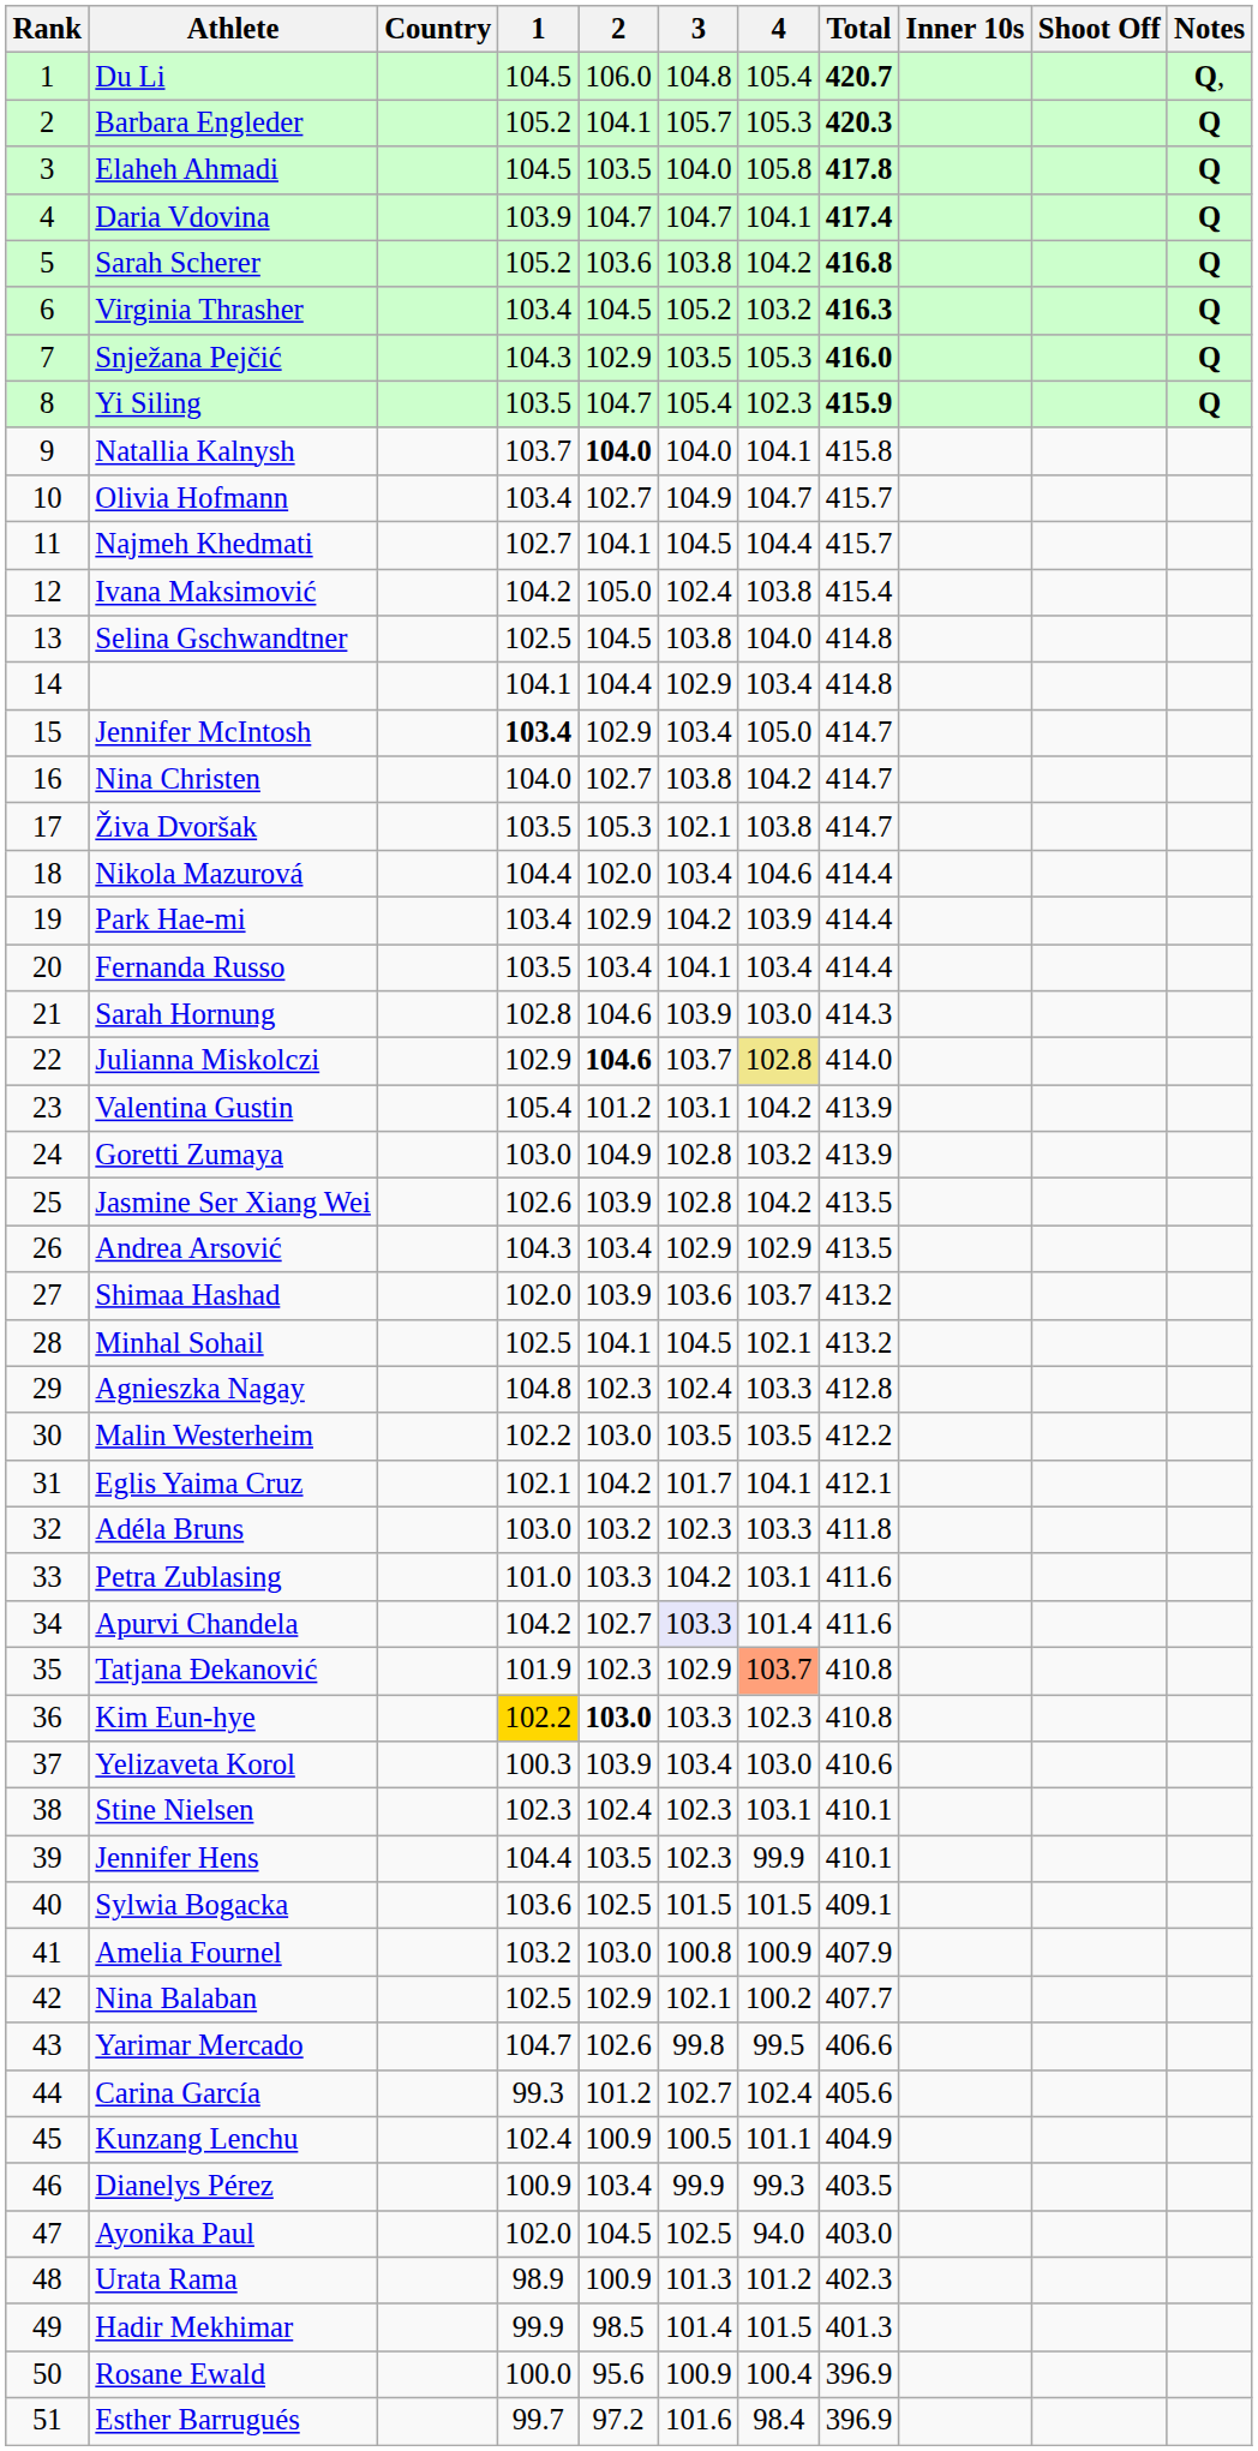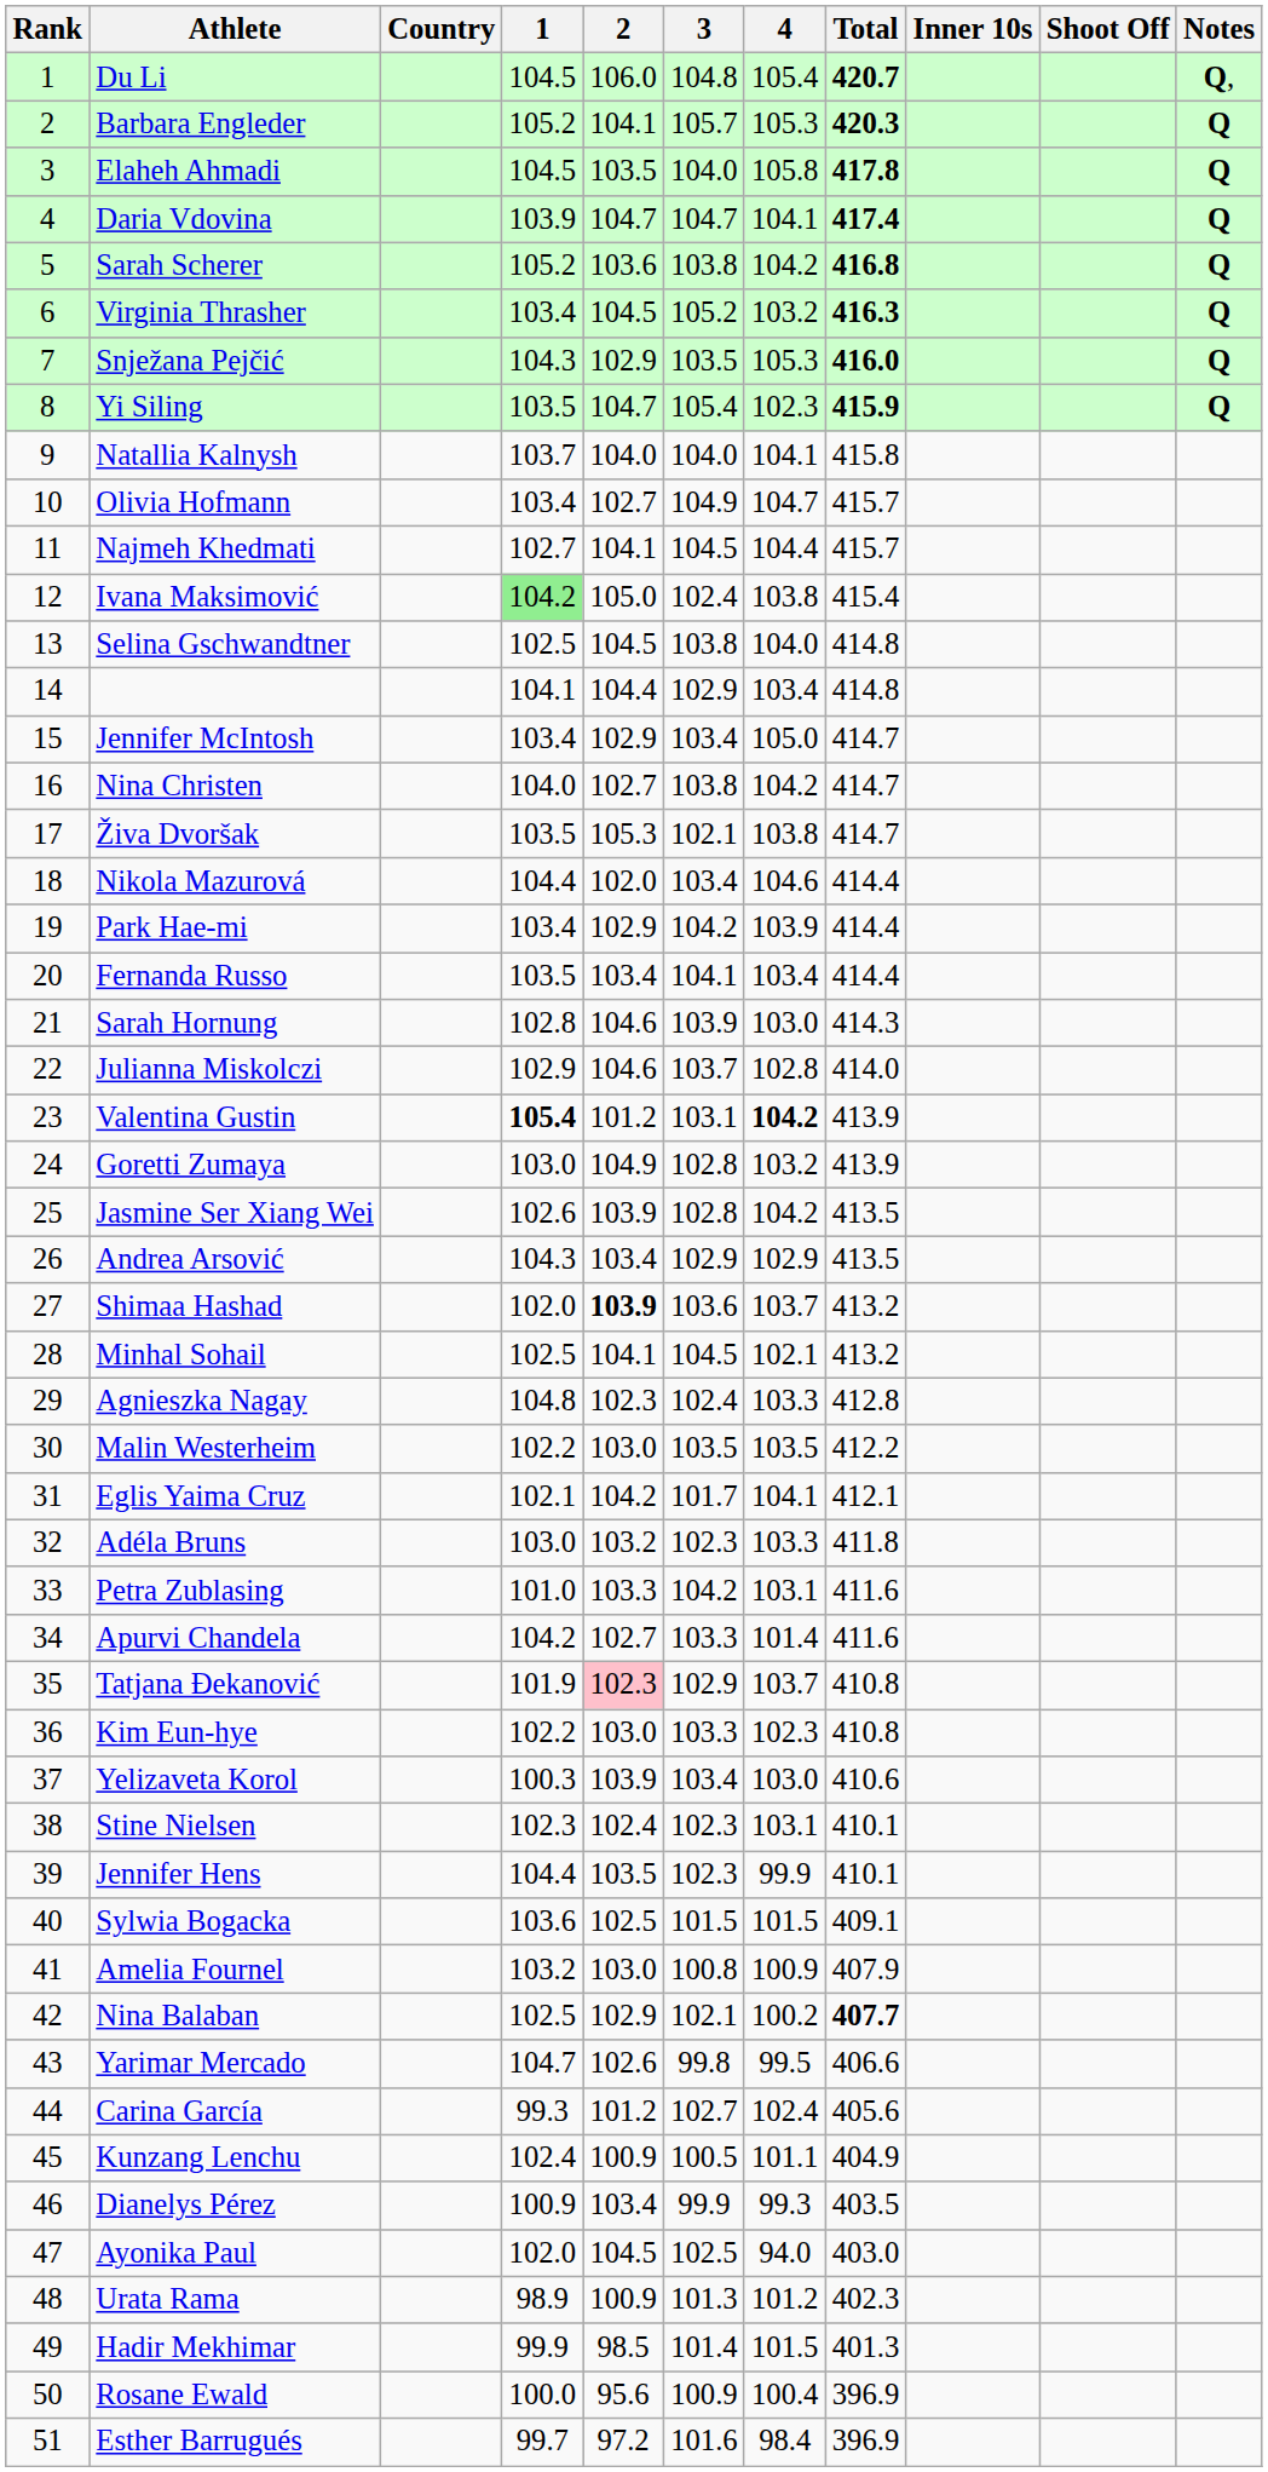 <table class="wikitable sortable" style="text-align:center">
 <tr>
 <th>Rank</th>
 <th>Athlete</th>
 <th>Country</th>
 <th class="sortable">1</th>
 <th class="sortable">2</th>
 <th class="sortable">3</th>
 <th class="sortable">4</th>
 <th>Total</th>
 <th class="unsortable">Inner 10s</th>
 <th class="unsortable">Shoot Off</th>
 <th class="unsortable">Notes</th>
 </tr>
 <tr bgcolor=ccffcc>
 <td>1</td>
 <td align="left"><a href='#'>Du Li</a></td>
 <td align="left"></td>
 <td>104.5</td>
 <td>106.0</td>
 <td>104.8</td>
 <td>105.4</td>
 <td><strong>420.7</strong></td>
 <td></td>
 <td></td>
 <td><strong>Q</strong>, </td>
 </tr>
 <tr bgcolor=ccffcc>
 <td>2</td>
 <td align="left"><a href='#'>Barbara Engleder</a></td>
 <td align="left"></td>
 <td>105.2</td>
 <td>104.1</td>
 <td>105.7</td>
 <td>105.3</td>
 <td><strong>420.3</strong></td>
 <td></td>
 <td></td>
 <td><strong>Q</strong></td>
 </tr>
 <tr bgcolor=ccffcc>
 <td>3</td>
 <td align="left"><a href='#'>Elaheh Ahmadi</a></td>
 <td align="left"></td>
 <td>104.5</td>
 <td>103.5</td>
 <td>104.0</td>
 <td>105.8</td>
 <td><strong>417.8</strong></td>
 <td></td>
 <td></td>
 <td><strong>Q</strong></td>
 </tr>
 <tr bgcolor=ccffcc>
 <td>4</td>
 <td align="left"><a href='#'>Daria Vdovina</a></td>
 <td align="left"></td>
 <td>103.9</td>
 <td>104.7</td>
 <td>104.7</td>
 <td>104.1</td>
 <td><strong>417.4</strong></td>
 <td></td>
 <td></td>
 <td><strong>Q</strong></td>
 </tr>
 <tr bgcolor=ccffcc>
 <td>5</td>
 <td align="left"><a href='#'>Sarah Scherer</a></td>
 <td align="left"></td>
 <td>105.2</td>
 <td>103.6</td>
 <td>103.8</td>
 <td>104.2</td>
 <td><strong>416.8</strong></td>
 <td></td>
 <td></td>
 <td><strong>Q</strong></td>
 </tr>
 <tr bgcolor=ccffcc>
 <td>6</td>
 <td align="left"><a href='#'>Virginia Thrasher</a></td>
 <td align="left"></td>
 <td>103.4</td>
 <td>104.5</td>
 <td>105.2</td>
 <td>103.2</td>
 <td><strong>416.3</strong></td>
 <td></td>
 <td></td>
 <td><strong>Q</strong></td>
 </tr>
 <tr bgcolor=ccffcc>
 <td>7</td>
 <td align="left"><a href='#'>Snježana Pejčić</a></td>
 <td align="left"></td>
 <td>104.3</td>
 <td>102.9</td>
 <td>103.5</td>
 <td>105.3</td>
 <td><strong>416.0</strong></td>
 <td></td>
 <td></td>
 <td><strong>Q</strong></td>
 </tr>
 <tr bgcolor=ccffcc>
 <td>8</td>
 <td align="left"><a href='#'>Yi Siling</a></td>
 <td align="left"></td>
 <td>103.5</td>
 <td>104.7</td>
 <td>105.4</td>
 <td>102.3</td>
 <td><strong>415.9</strong></td>
 <td></td>
 <td></td>
 <td><strong>Q</strong></td>
 </tr>
 <tr>
 <td>9</td>
 <td align="left"><a href='#'>Natallia Kalnysh</a></td>
 <td align="left"></td>
 <td>103.7</td>
-<td><strong>104.0</strong></td>
+<td>104.0</td>
 <td>104.0</td>
 <td>104.1</td>
 <td>415.8</td>
 <td></td>
 <td></td>
 <td></td>
 </tr>
 <tr>
 <td>10</td>
 <td align="left"><a href='#'>Olivia Hofmann</a></td>
 <td align="left"></td>
 <td>103.4</td>
 <td>102.7</td>
 <td>104.9</td>
 <td>104.7</td>
 <td>415.7</td>
 <td></td>
 <td></td>
 <td></td>
 </tr>
 <tr>
 <td>11</td>
 <td align="left"><a href='#'>Najmeh Khedmati</a></td>
 <td align="left"></td>
 <td>102.7</td>
 <td>104.1</td>
 <td>104.5</td>
 <td>104.4</td>
 <td>415.7</td>
 <td></td>
 <td></td>
 <td></td>
 </tr>
 <tr>
 <td>12</td>
 <td align="left"><a href='#'>Ivana Maksimović</a></td>
 <td align="left"></td>
-<td>104.2</td>
+<td style="background: lightgreen;">104.2</td>
 <td>105.0</td>
 <td>102.4</td>
 <td>103.8</td>
 <td>415.4</td>
 <td></td>
 <td></td>
 <td></td>
 </tr>
 <tr>
 <td>13</td>
 <td align="left"><a href='#'>Selina Gschwandtner</a></td>
 <td align="left"></td>
 <td>102.5</td>
 <td>104.5</td>
 <td>103.8</td>
 <td>104.0</td>
 <td>414.8</td>
 <td></td>
 <td></td>
 <td></td>
 </tr>
 <tr>
 <td>14</td>
 <td align="left"></td>
 <td align="left"></td>
 <td>104.1</td>
 <td>104.4</td>
 <td>102.9</td>
 <td>103.4</td>
 <td>414.8</td>
 <td></td>
 <td></td>
 <td></td>
 </tr>
 <tr>
 <td>15</td>
 <td align="left"><a href='#'>Jennifer McIntosh</a></td>
 <td align="left"></td>
-<td><strong>103.4</strong></td>
+<td>103.4</td>
 <td>102.9</td>
 <td>103.4</td>
 <td>105.0</td>
 <td>414.7</td>
 <td></td>
 <td></td>
 <td></td>
 </tr>
 <tr>
 <td>16</td>
 <td align="left"><a href='#'>Nina Christen</a></td>
 <td align="left"></td>
 <td>104.0</td>
 <td>102.7</td>
 <td>103.8</td>
 <td>104.2</td>
 <td>414.7</td>
 <td></td>
 <td></td>
 <td></td>
 </tr>
 <tr>
 <td>17</td>
 <td align="left"><a href='#'>Živa Dvoršak</a></td>
 <td align="left"></td>
 <td>103.5</td>
 <td>105.3</td>
 <td>102.1</td>
 <td>103.8</td>
 <td>414.7</td>
 <td></td>
 <td></td>
 <td></td>
 </tr>
 <tr>
 <td>18</td>
 <td align="left"><a href='#'>Nikola Mazurová</a></td>
 <td align="left"></td>
 <td>104.4</td>
 <td>102.0</td>
 <td>103.4</td>
 <td>104.6</td>
 <td>414.4</td>
 <td></td>
 <td></td>
 <td></td>
 </tr>
 <tr>
 <td>19</td>
 <td align="left"><a href='#'>Park Hae-mi</a></td>
 <td align="left"></td>
 <td>103.4</td>
 <td>102.9</td>
 <td>104.2</td>
 <td>103.9</td>
 <td>414.4</td>
 <td></td>
 <td></td>
 <td></td>
 </tr>
 <tr>
 <td>20</td>
 <td align="left"><a href='#'>Fernanda Russo</a></td>
 <td align="left"></td>
 <td>103.5</td>
 <td>103.4</td>
 <td>104.1</td>
 <td>103.4</td>
 <td>414.4</td>
 <td></td>
 <td></td>
 <td></td>
 </tr>
 <tr>
 <td>21</td>
 <td align="left"><a href='#'>Sarah Hornung</a></td>
 <td align="left"></td>
 <td>102.8</td>
 <td>104.6</td>
 <td>103.9</td>
 <td>103.0</td>
 <td>414.3</td>
 <td></td>
 <td></td>
 <td></td>
 </tr>
 <tr>
 <td>22</td>
 <td align="left"><a href='#'>Julianna Miskolczi</a></td>
 <td align="left"></td>
 <td>102.9</td>
-<td><strong>104.6</strong></td>
+<td>104.6</td>
 <td>103.7</td>
-<td style="background: khaki;">102.8</td>
+<td>102.8</td>
 <td>414.0</td>
 <td></td>
 <td></td>
 <td></td>
 </tr>
 <tr>
 <td>23</td>
 <td align="left"><a href='#'>Valentina Gustin</a></td>
 <td align="left"></td>
-<td>105.4</td>
+<td><strong>105.4</strong></td>
 <td>101.2</td>
 <td>103.1</td>
-<td>104.2</td>
+<td><strong>104.2</strong></td>
 <td>413.9</td>
 <td></td>
 <td></td>
 <td></td>
 </tr>
 <tr>
 <td>24</td>
 <td align="left"><a href='#'>Goretti Zumaya</a></td>
 <td align="left"></td>
 <td>103.0</td>
 <td>104.9</td>
 <td>102.8</td>
 <td>103.2</td>
 <td>413.9</td>
 <td></td>
 <td></td>
 <td></td>
 </tr>
 <tr>
 <td>25</td>
 <td align="left"><a href='#'>Jasmine Ser Xiang Wei</a></td>
 <td align="left"></td>
 <td>102.6</td>
 <td>103.9</td>
 <td>102.8</td>
 <td>104.2</td>
 <td>413.5</td>
 <td></td>
 <td></td>
 <td></td>
 </tr>
 <tr>
 <td>26</td>
 <td align="left"><a href='#'>Andrea Arsović</a></td>
 <td align="left"></td>
 <td>104.3</td>
 <td>103.4</td>
 <td>102.9</td>
 <td>102.9</td>
 <td>413.5</td>
 <td></td>
 <td></td>
 <td></td>
 </tr>
 <tr>
 <td>27</td>
 <td align="left"><a href='#'>Shimaa Hashad</a></td>
 <td align="left"></td>
 <td>102.0</td>
-<td>103.9</td>
+<td><strong>103.9</strong></td>
 <td>103.6</td>
 <td>103.7</td>
 <td>413.2</td>
 <td></td>
 <td></td>
 <td></td>
 </tr>
 <tr>
 <td>28</td>
 <td align="left"><a href='#'>Minhal Sohail</a></td>
 <td align="left"></td>
 <td>102.5</td>
 <td>104.1</td>
 <td>104.5</td>
 <td>102.1</td>
 <td>413.2</td>
 <td></td>
 <td></td>
 <td></td>
 </tr>
 <tr>
 <td>29</td>
 <td align="left"><a href='#'>Agnieszka Nagay</a></td>
 <td align="left"></td>
 <td>104.8</td>
 <td>102.3</td>
 <td>102.4</td>
 <td>103.3</td>
 <td>412.8</td>
 <td></td>
 <td></td>
 <td></td>
 </tr>
 <tr>
 <td>30</td>
 <td align="left"><a href='#'>Malin Westerheim</a></td>
 <td align="left"></td>
 <td>102.2</td>
 <td>103.0</td>
 <td>103.5</td>
 <td>103.5</td>
 <td>412.2</td>
 <td></td>
 <td></td>
 <td></td>
 </tr>
 <tr>
 <td>31</td>
 <td align="left"><a href='#'>Eglis Yaima Cruz</a></td>
 <td align="left"></td>
 <td>102.1</td>
 <td>104.2</td>
 <td>101.7</td>
 <td>104.1</td>
 <td>412.1</td>
 <td></td>
 <td></td>
 <td></td>
 </tr>
 <tr>
 <td>32</td>
 <td align="left"><a href='#'>Adéla Bruns</a></td>
 <td align="left"></td>
 <td>103.0</td>
 <td>103.2</td>
 <td>102.3</td>
 <td>103.3</td>
 <td>411.8</td>
 <td></td>
 <td></td>
 <td></td>
 </tr>
 <tr>
 <td>33</td>
 <td align="left"><a href='#'>Petra Zublasing</a></td>
 <td align="left"></td>
 <td>101.0</td>
 <td>103.3</td>
 <td>104.2</td>
 <td>103.1</td>
 <td>411.6</td>
 <td></td>
 <td></td>
 <td></td>
 </tr>
 <tr>
 <td>34</td>
 <td align="left"><a href='#'>Apurvi Chandela</a></td>
 <td align="left"></td>
 <td>104.2</td>
 <td>102.7</td>
-<td style="background: lavender;">103.3</td>
+<td>103.3</td>
 <td>101.4</td>
 <td>411.6</td>
 <td></td>
 <td></td>
 <td></td>
 </tr>
 <tr>
 <td>35</td>
 <td align="left"><a href='#'>Tatjana Đekanović</a></td>
 <td align="left"></td>
 <td>101.9</td>
-<td>102.3</td>
+<td style="background: pink;">102.3</td>
 <td>102.9</td>
-<td style="background: lightsalmon;">103.7</td>
+<td>103.7</td>
 <td>410.8</td>
 <td></td>
 <td></td>
 <td></td>
 </tr>
 <tr>
 <td>36</td>
 <td align="left"><a href='#'>Kim Eun-hye</a></td>
 <td align="left"></td>
-<td style="background: gold;">102.2</td>
-<td><strong>103.0</strong></td>
+<td>102.2</td>
+<td>103.0</td>
 <td>103.3</td>
 <td>102.3</td>
 <td>410.8</td>
 <td></td>
 <td></td>
 <td></td>
 </tr>
 <tr>
 <td>37</td>
 <td align="left"><a href='#'>Yelizaveta Korol</a></td>
 <td align="left"></td>
 <td>100.3</td>
 <td>103.9</td>
 <td>103.4</td>
 <td>103.0</td>
 <td>410.6</td>
 <td></td>
 <td></td>
 <td></td>
 </tr>
 <tr>
 <td>38</td>
 <td align="left"><a href='#'>Stine Nielsen</a></td>
 <td align="left"></td>
 <td>102.3</td>
 <td>102.4</td>
 <td>102.3</td>
 <td>103.1</td>
 <td>410.1</td>
 <td></td>
 <td></td>
 <td></td>
 </tr>
 <tr>
 <td>39</td>
 <td align="left"><a href='#'>Jennifer Hens</a></td>
 <td align="left"></td>
 <td>104.4</td>
 <td>103.5</td>
 <td>102.3</td>
 <td>99.9</td>
 <td>410.1</td>
 <td></td>
 <td></td>
 <td></td>
 </tr>
 <tr>
 <td>40</td>
 <td align="left"><a href='#'>Sylwia Bogacka</a></td>
 <td align="left"></td>
 <td>103.6</td>
 <td>102.5</td>
 <td>101.5</td>
 <td>101.5</td>
 <td>409.1</td>
 <td></td>
 <td></td>
 <td></td>
 </tr>
 <tr>
 <td>41</td>
 <td align="left"><a href='#'>Amelia Fournel</a></td>
 <td align="left"></td>
 <td>103.2</td>
 <td>103.0</td>
 <td>100.8</td>
 <td>100.9</td>
 <td>407.9</td>
 <td></td>
 <td></td>
 <td></td>
 </tr>
 <tr>
 <td>42</td>
 <td align="left"><a href='#'>Nina Balaban</a></td>
 <td align="left"></td>
 <td>102.5</td>
 <td>102.9</td>
 <td>102.1</td>
 <td>100.2</td>
-<td>407.7</td>
+<td><strong>407.7</strong></td>
 <td></td>
 <td></td>
 <td></td>
 </tr>
 <tr>
 <td>43</td>
 <td align="left"><a href='#'>Yarimar Mercado</a></td>
 <td align="left"></td>
 <td>104.7</td>
 <td>102.6</td>
 <td>99.8</td>
 <td>99.5</td>
 <td>406.6</td>
 <td></td>
 <td></td>
 <td></td>
 </tr>
 <tr>
 <td>44</td>
 <td align="left"><a href='#'>Carina García</a></td>
 <td align="left"></td>
 <td>99.3</td>
 <td>101.2</td>
 <td>102.7</td>
 <td>102.4</td>
 <td>405.6</td>
 <td></td>
 <td></td>
 <td></td>
 </tr>
 <tr>
 <td>45</td>
 <td align="left"><a href='#'>Kunzang Lenchu</a></td>
 <td align="left"></td>
 <td>102.4</td>
 <td>100.9</td>
 <td>100.5</td>
 <td>101.1</td>
 <td>404.9</td>
 <td></td>
 <td></td>
 <td></td>
 </tr>
 <tr>
 <td>46</td>
 <td align="left"><a href='#'>Dianelys Pérez</a></td>
 <td align="left"></td>
 <td>100.9</td>
 <td>103.4</td>
 <td>99.9</td>
 <td>99.3</td>
 <td>403.5</td>
 <td></td>
 <td></td>
 <td></td>
 </tr>
 <tr>
 <td>47</td>
 <td align="left"><a href='#'>Ayonika Paul</a></td>
 <td align="left"></td>
 <td>102.0</td>
 <td>104.5</td>
 <td>102.5</td>
 <td>94.0</td>
 <td>403.0</td>
 <td></td>
 <td></td>
 <td></td>
 </tr>
 <tr>
 <td>48</td>
 <td align="left"><a href='#'>Urata Rama</a></td>
 <td align="left"></td>
 <td>98.9</td>
 <td>100.9</td>
 <td>101.3</td>
 <td>101.2</td>
 <td>402.3</td>
 <td></td>
 <td></td>
 <td></td>
 </tr>
 <tr>
 <td>49</td>
 <td align="left"><a href='#'>Hadir Mekhimar</a></td>
 <td align="left"></td>
 <td>99.9</td>
 <td>98.5</td>
 <td>101.4</td>
 <td>101.5</td>
 <td>401.3</td>
 <td></td>
 <td></td>
 <td></td>
 </tr>
 <tr>
 <td>50</td>
 <td align="left"><a href='#'>Rosane Ewald</a></td>
 <td align="left"></td>
 <td>100.0</td>
 <td>95.6</td>
 <td>100.9</td>
 <td>100.4</td>
 <td>396.9</td>
 <td></td>
 <td></td>
 <td></td>
 </tr>
 <tr>
 <td>51</td>
 <td align="left"><a href='#'>Esther Barrugués</a></td>
 <td align="left"></td>
 <td>99.7</td>
 <td>97.2</td>
 <td>101.6</td>
 <td>98.4</td>
 <td>396.9</td>
 <td></td>
 <td></td>
 <td></td>
 </tr>
 <tr>
 </tr>
 </table>
